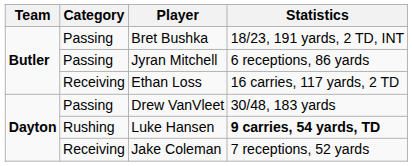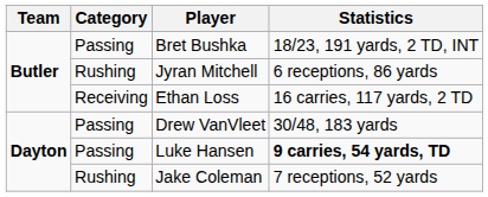 <table class="wikitable" style="float: right;">
 <tr>
 <th>Team</th>
 <th>Category</th>
 <th>Player</th>
 <th>Statistics</th>
 </tr>
 <tr>
 <td rowspan=3><strong>Butler</strong></td>
 <td>Passing</td>
 <td>Bret Bushka</td>
 <td>18/23, 191 yards, 2 TD, INT</td>
 </tr>
 <tr>
-<td>Passing</td>
+<td>Rushing</td>
 <td>Jyran Mitchell</td>
 <td>6 receptions, 86 yards</td>
 </tr>
 <tr>
 <td>Receiving</td>
 <td>Ethan Loss</td>
 <td>16 carries, 117 yards, 2 TD</td>
 </tr>
 <tr>
 <td rowspan=3><strong>Dayton</strong></td>
 <td>Passing</td>
 <td>Drew VanVleet</td>
 <td>30/48, 183 yards</td>
 </tr>
 <tr>
-<td>Rushing</td>
+<td>Passing</td>
 <td>Luke Hansen</td>
 <td><strong>9 carries, 54 yards, TD</strong></td>
 </tr>
 <tr>
-<td>Receiving</td>
+<td>Rushing</td>
 <td>Jake Coleman</td>
 <td>7 receptions, 52 yards</td>
 </tr>
 </table>
